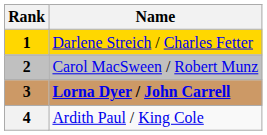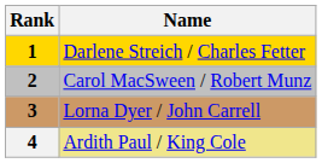 <table class="wikitable">
 <tr>
 <th>Rank</th>
 <th>Name</th>
 </tr>
 <tr bgcolor="gold">
 <td align="center"><strong>1</strong></td>
 <td><a href='#'>Darlene Streich</a> / <a href='#'>Charles Fetter</a></td>
 </tr>
 <tr bgcolor="silver">
 <td align="center"><strong>2</strong></td>
 <td><a href='#'>Carol MacSween</a> / <a href='#'>Robert Munz</a></td>
 </tr>
 <tr bgcolor="cc9966">
 <td align="center"><strong>3</strong></td>
-<td><strong><a href='#'>Lorna Dyer</a> / <a href='#'>John Carrell</a></strong></td>
+<td><a href='#'>Lorna Dyer</a> / <a href='#'>John Carrell</a></td>
 </tr>
 <tr>
 <th>4</th>
-<td><a href='#'>Ardith Paul</a> / <a href='#'>King Cole</a></td>
+<td style="background: khaki;"><a href='#'>Ardith Paul</a> / <a href='#'>King Cole</a></td>
 </tr>
 </table>
